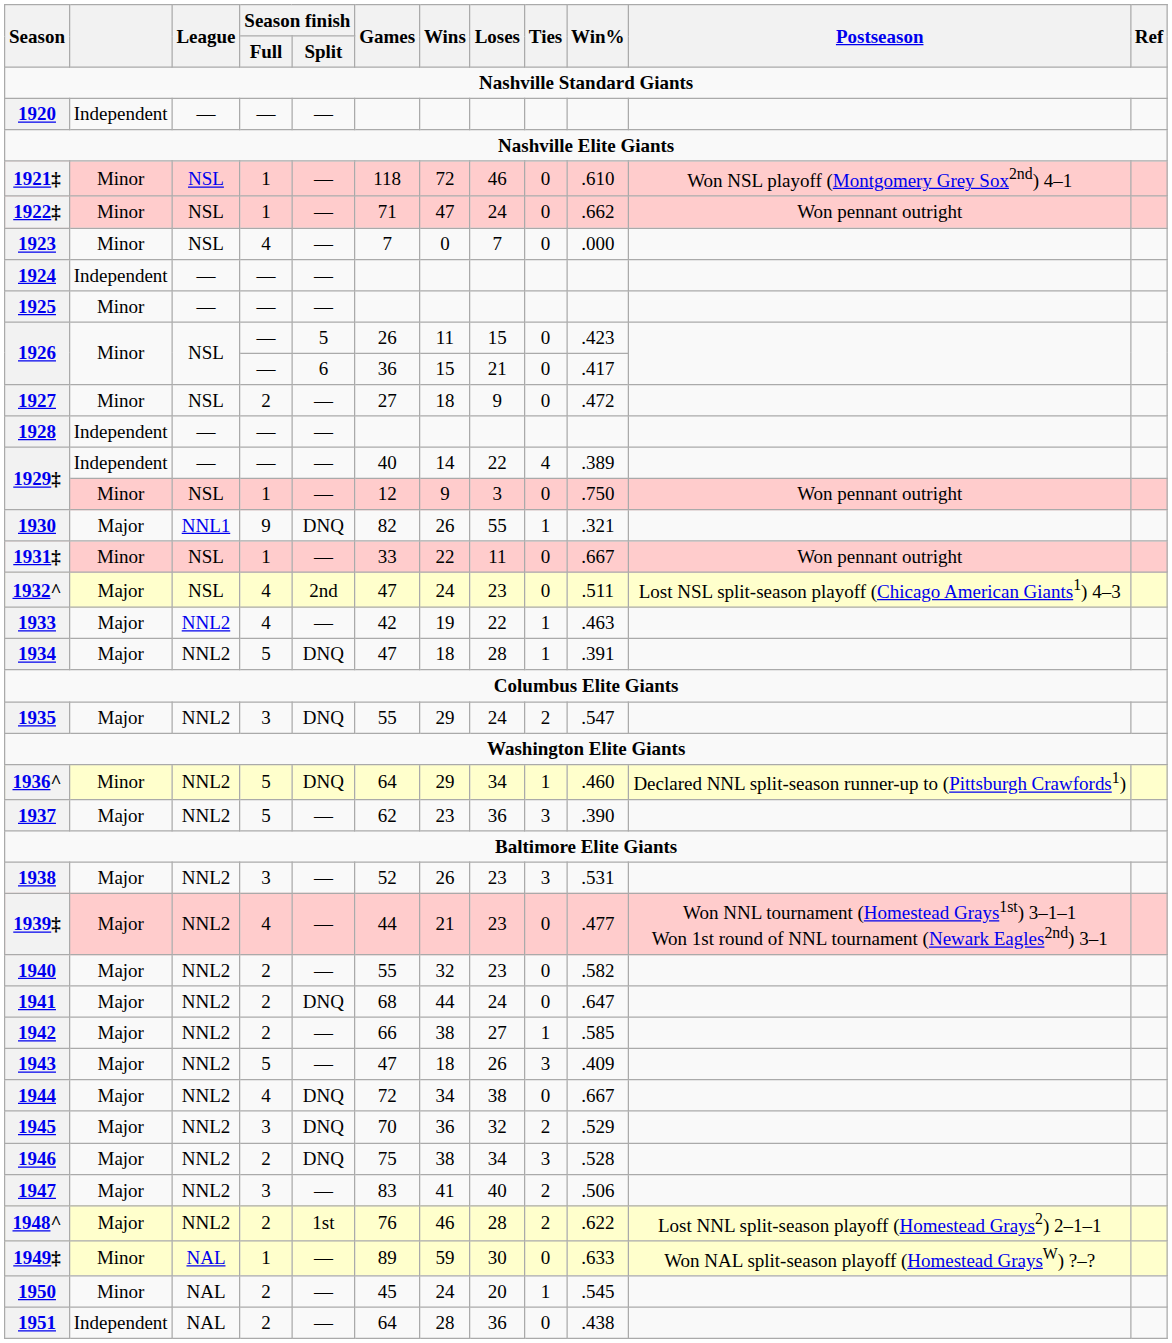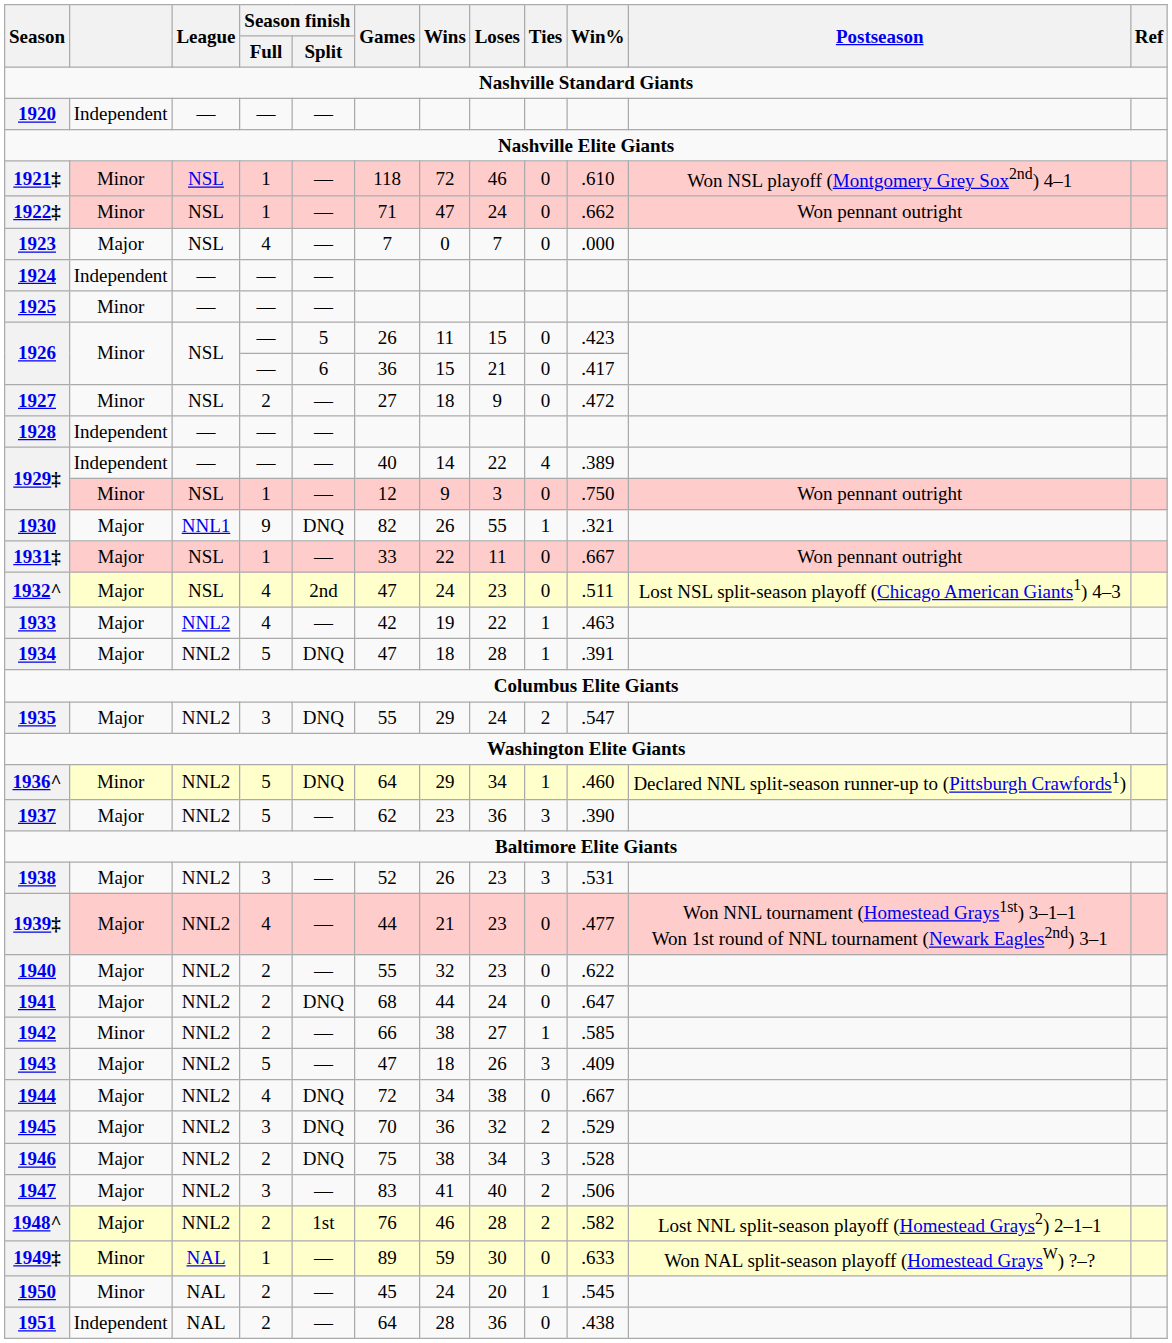 <table class="wikitable sortable" style="text-align:center; font-size:95%">
 <tr>
 <th rowspan="2">Season</th>
 <th rowspan="2"></th>
 <th rowspan="2">League</th>
 <th colspan="2">Season finish</th>
 <th rowspan="2">Games</th>
 <th rowspan="2">Wins</th>
 <th rowspan="2">Loses</th>
 <th rowspan="2">Ties</th>
 <th rowspan="2">Win%</th>
 <th rowspan="2"><a href='#'>Postseason</a></th>
 <th rowspan="2">Ref</th>
 </tr>
 <tr>
 <th>Full</th>
 <th>Split</th>
 </tr>
 <tr>
 <td align="center" colspan="12"><strong>Nashville Standard Giants</strong></td>
 </tr>
 <tr>
 <th><a href='#'>1920</a></th>
 <td>Independent</td>
 <td>—</td>
 <td>—</td>
 <td>—</td>
 <td></td>
 <td></td>
 <td></td>
 <td></td>
 <td></td>
 <td></td>
 <td></td>
 </tr>
 <tr>
 <td align="center" colspan="12"><strong>Nashville Elite Giants</strong></td>
 </tr>
 <tr bgcolor="#FFCCCC">
 <th><a href='#'>1921</a>‡</th>
 <td>Minor</td>
 <td><a href='#'>NSL</a></td>
 <td>1</td>
 <td>—</td>
 <td>118</td>
 <td>72</td>
 <td>46</td>
 <td>0</td>
 <td>.610</td>
 <td>Won NSL playoff (<a href='#'>Montgomery Grey Sox</a><sup>2nd</sup>) 4–1</td>
 <td></td>
 </tr>
 <tr bgcolor="#FFCCCC">
 <th><a href='#'>1922</a>‡</th>
 <td>Minor</td>
 <td>NSL</td>
 <td>1</td>
 <td>—</td>
 <td>71</td>
 <td>47</td>
 <td>24</td>
 <td>0</td>
 <td>.662</td>
 <td>Won pennant outright</td>
 <td></td>
 </tr>
 <tr>
 <th><a href='#'>1923</a></th>
-<td>Minor</td>
+<td>Major</td>
 <td>NSL</td>
 <td>4</td>
 <td>—</td>
 <td>7</td>
 <td>0</td>
 <td>7</td>
 <td>0</td>
 <td>.000</td>
 <td></td>
 <td></td>
 </tr>
 <tr>
 <th><a href='#'>1924</a></th>
 <td>Independent</td>
 <td>—</td>
 <td>—</td>
 <td>—</td>
 <td></td>
 <td></td>
 <td></td>
 <td></td>
 <td></td>
 <td></td>
 <td></td>
 </tr>
 <tr>
 <th><a href='#'>1925</a></th>
 <td>Minor</td>
 <td>—</td>
 <td>—</td>
 <td>—</td>
 <td></td>
 <td></td>
 <td></td>
 <td></td>
 <td></td>
 <td></td>
 <td></td>
 </tr>
 <tr>
 <th rowspan="2"><a href='#'>1926</a></th>
 <td rowspan="2">Minor</td>
 <td rowspan="2">NSL</td>
 <td>—</td>
 <td>5</td>
 <td>26</td>
 <td>11</td>
 <td>15</td>
 <td>0</td>
 <td>.423</td>
 <td rowspan="2"></td>
 <td rowspan="2"></td>
 </tr>
 <tr>
 <td>—</td>
 <td>6</td>
 <td>36</td>
 <td>15</td>
 <td>21</td>
 <td>0</td>
 <td>.417</td>
 </tr>
 <tr>
 <th><a href='#'>1927</a></th>
 <td>Minor</td>
 <td>NSL</td>
 <td>2</td>
 <td>—</td>
 <td>27</td>
 <td>18</td>
 <td>9</td>
 <td>0</td>
 <td>.472</td>
 <td></td>
 <td></td>
 </tr>
 <tr>
 <th><a href='#'>1928</a></th>
 <td>Independent</td>
 <td>—</td>
 <td>—</td>
 <td>—</td>
 <td></td>
 <td></td>
 <td></td>
 <td></td>
 <td></td>
 <td></td>
 <td></td>
 </tr>
 <tr>
 <th rowspan="2"><a href='#'>1929</a>‡</th>
 <td>Independent</td>
 <td>—</td>
 <td>—</td>
 <td>—</td>
 <td>40</td>
 <td>14</td>
 <td>22</td>
 <td>4</td>
 <td>.389</td>
 <td></td>
 <td></td>
 </tr>
 <tr bgcolor="#FFCCCC">
 <td>Minor</td>
 <td>NSL</td>
 <td>1</td>
 <td>—</td>
 <td>12</td>
 <td>9</td>
 <td>3</td>
 <td>0</td>
 <td>.750</td>
 <td>Won pennant outright</td>
 <td></td>
 </tr>
 <tr>
 <th><a href='#'>1930</a></th>
 <td>Major</td>
 <td><a href='#'>NNL1</a></td>
 <td>9</td>
 <td>DNQ</td>
 <td>82</td>
 <td>26</td>
 <td>55</td>
 <td>1</td>
 <td>.321</td>
 <td></td>
 <td></td>
 </tr>
 <tr bgcolor="#FFCCCC">
 <th><a href='#'>1931</a>‡</th>
-<td>Minor</td>
+<td>Major</td>
 <td>NSL</td>
 <td>1</td>
 <td>—</td>
 <td>33</td>
 <td>22</td>
 <td>11</td>
 <td>0</td>
 <td>.667</td>
 <td>Won pennant outright</td>
 <td></td>
 </tr>
 <tr bgcolor="#FFFFCC">
 <th><a href='#'>1932</a>^</th>
 <td>Major</td>
 <td>NSL</td>
 <td>4</td>
 <td>2nd</td>
 <td>47</td>
 <td>24</td>
 <td>23</td>
 <td>0</td>
 <td>.511</td>
 <td>Lost NSL split-season playoff (<a href='#'>Chicago American Giants</a><sup>1</sup>) 4–3</td>
 <td></td>
 </tr>
 <tr>
 <th><a href='#'>1933</a></th>
 <td>Major</td>
 <td><a href='#'>NNL2</a></td>
 <td>4</td>
 <td>—</td>
 <td>42</td>
 <td>19</td>
 <td>22</td>
 <td>1</td>
 <td>.463</td>
 <td></td>
 <td></td>
 </tr>
 <tr>
 <th><a href='#'>1934</a></th>
 <td>Major</td>
 <td>NNL2</td>
 <td>5</td>
 <td>DNQ</td>
 <td>47</td>
 <td>18</td>
 <td>28</td>
 <td>1</td>
 <td>.391</td>
 <td></td>
 <td></td>
 </tr>
 <tr>
 <td align="center" colspan="12"><strong>Columbus Elite Giants</strong></td>
 </tr>
 <tr>
 <th><a href='#'>1935</a></th>
 <td>Major</td>
 <td>NNL2</td>
 <td>3</td>
 <td>DNQ</td>
 <td>55</td>
 <td>29</td>
 <td>24</td>
 <td>2</td>
 <td>.547</td>
 <td></td>
 <td></td>
 </tr>
 <tr>
 <td align="center" colspan="12"><strong>Washington Elite Giants</strong></td>
 </tr>
 <tr bgcolor="#FFFFCC">
 <th><a href='#'>1936</a>^</th>
 <td>Minor</td>
 <td>NNL2</td>
 <td>5</td>
 <td>DNQ</td>
 <td>64</td>
 <td>29</td>
 <td>34</td>
 <td>1</td>
 <td>.460</td>
 <td>Declared NNL split-season runner-up to (<a href='#'>Pittsburgh Crawfords</a><sup>1</sup>)</td>
 <td></td>
 </tr>
 <tr>
 <th><a href='#'>1937</a></th>
 <td>Major</td>
 <td>NNL2</td>
 <td>5</td>
 <td>—</td>
 <td>62</td>
 <td>23</td>
 <td>36</td>
 <td>3</td>
 <td>.390</td>
 <td></td>
 <td></td>
 </tr>
 <tr>
 <td align="center" colspan="12"><strong>Baltimore Elite Giants</strong></td>
 </tr>
 <tr>
 <th><a href='#'>1938</a></th>
 <td>Major</td>
 <td>NNL2</td>
 <td>3</td>
 <td>—</td>
 <td>52</td>
 <td>26</td>
 <td>23</td>
 <td>3</td>
 <td>.531</td>
 <td></td>
 <td></td>
 </tr>
 <tr bgcolor="#FFCCCC">
 <th><a href='#'>1939</a>‡</th>
 <td>Major</td>
 <td>NNL2</td>
 <td>4</td>
 <td>—</td>
 <td>44</td>
 <td>21</td>
 <td>23</td>
 <td>0</td>
 <td>.477</td>
 <td>Won NNL tournament (<a href='#'>Homestead Grays</a><sup>1st</sup>) 3–1–1<br>Won 1st round of NNL tournament (<a href='#'>Newark Eagles</a><sup>2nd</sup>) 3–1</td>
 <td></td>
 </tr>
 <tr>
 <th><a href='#'>1940</a></th>
 <td>Major</td>
 <td>NNL2</td>
 <td>2</td>
 <td>—</td>
 <td>55</td>
 <td>32</td>
 <td>23</td>
 <td>0</td>
-<td>.582</td>
+<td>.622</td>
 <td></td>
 <td></td>
 </tr>
 <tr>
 <th><a href='#'>1941</a></th>
 <td>Major</td>
 <td>NNL2</td>
 <td>2</td>
 <td>DNQ</td>
 <td>68</td>
 <td>44</td>
 <td>24</td>
 <td>0</td>
 <td>.647</td>
 <td></td>
 <td></td>
 </tr>
 <tr>
 <th><a href='#'>1942</a></th>
-<td>Major</td>
+<td>Minor</td>
 <td>NNL2</td>
 <td>2</td>
 <td>—</td>
 <td>66</td>
 <td>38</td>
 <td>27</td>
 <td>1</td>
 <td>.585</td>
 <td></td>
 <td></td>
 </tr>
 <tr>
 <th><a href='#'>1943</a></th>
 <td>Major</td>
 <td>NNL2</td>
 <td>5</td>
 <td>—</td>
 <td>47</td>
 <td>18</td>
 <td>26</td>
 <td>3</td>
 <td>.409</td>
 <td></td>
 <td></td>
 </tr>
 <tr>
 <th><a href='#'>1944</a></th>
 <td>Major</td>
 <td>NNL2</td>
 <td>4</td>
 <td>DNQ</td>
 <td>72</td>
 <td>34</td>
 <td>38</td>
 <td>0</td>
 <td>.667</td>
 <td></td>
 <td></td>
 </tr>
 <tr>
 <th><a href='#'>1945</a></th>
 <td>Major</td>
 <td>NNL2</td>
 <td>3</td>
 <td>DNQ</td>
 <td>70</td>
 <td>36</td>
 <td>32</td>
 <td>2</td>
 <td>.529</td>
 <td></td>
 <td></td>
 </tr>
 <tr>
 <th><a href='#'>1946</a></th>
 <td>Major</td>
 <td>NNL2</td>
 <td>2</td>
 <td>DNQ</td>
 <td>75</td>
 <td>38</td>
 <td>34</td>
 <td>3</td>
 <td>.528</td>
 <td></td>
 <td></td>
 </tr>
 <tr>
 <th><a href='#'>1947</a></th>
 <td>Major</td>
 <td>NNL2</td>
 <td>3</td>
 <td>—</td>
 <td>83</td>
 <td>41</td>
 <td>40</td>
 <td>2</td>
 <td>.506</td>
 <td></td>
 <td></td>
 </tr>
 <tr bgcolor="#FFFFCC">
 <th><a href='#'>1948</a>^</th>
 <td>Major</td>
 <td>NNL2</td>
 <td>2</td>
 <td>1st</td>
 <td>76</td>
 <td>46</td>
 <td>28</td>
 <td>2</td>
-<td>.622</td>
+<td>.582</td>
 <td>Lost NNL split-season playoff (<a href='#'>Homestead Grays</a><sup>2</sup>) 2–1–1</td>
 <td></td>
 </tr>
 <tr bgcolor="#FFFFCC">
 <th><a href='#'>1949</a>‡</th>
 <td>Minor</td>
 <td><a href='#'>NAL</a></td>
 <td>1 </td>
 <td>—</td>
 <td>89</td>
 <td>59</td>
 <td>30</td>
 <td>0</td>
 <td>.633</td>
 <td>Won NAL split-season playoff (<a href='#'>Homestead Grays</a><sup>W</sup>) ?–?</td>
 <td></td>
 </tr>
 <tr>
 <th><a href='#'>1950</a></th>
 <td>Minor</td>
 <td>NAL</td>
 <td>2 </td>
 <td>—</td>
 <td>45</td>
 <td>24</td>
 <td>20</td>
 <td>1</td>
 <td>.545</td>
 <td></td>
 <td></td>
 </tr>
 <tr>
 <th><a href='#'>1951</a></th>
 <td>Independent</td>
 <td>NAL</td>
 <td>2 </td>
 <td>—</td>
 <td>64</td>
 <td>28</td>
 <td>36</td>
 <td>0</td>
 <td>.438</td>
 <td></td>
 <td></td>
 </tr>
 </table>
